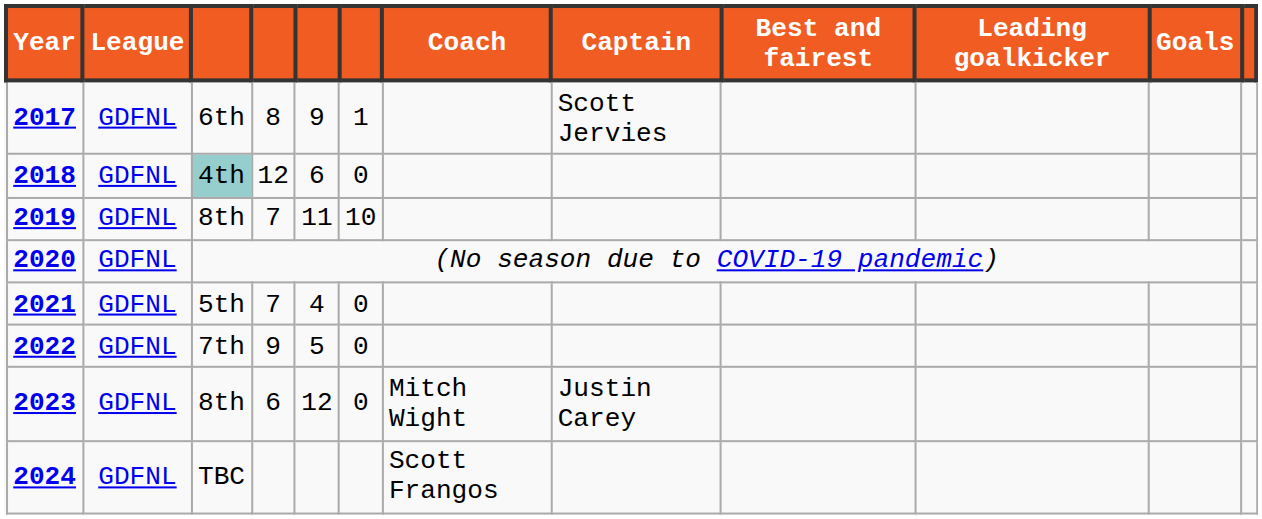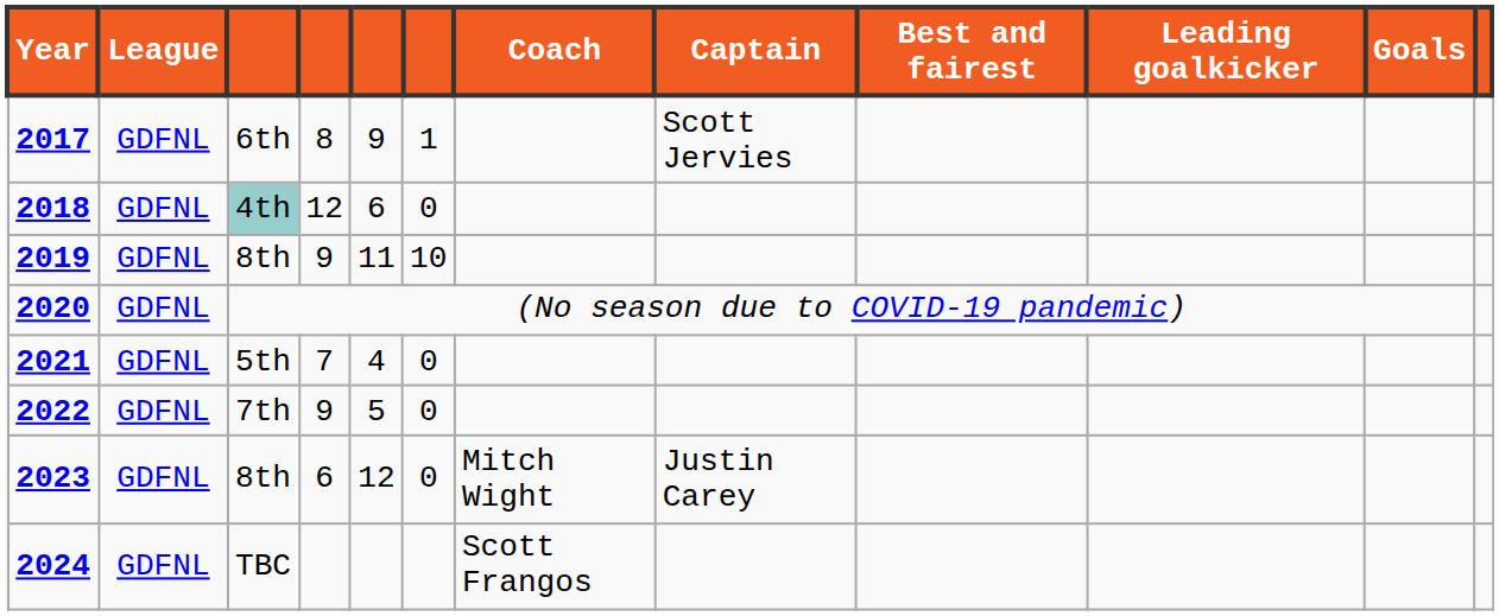 <table class="wikitable"; style="width:100%;">
 <tr>
 <th style="background:#F15C22; color:#FFFFFF; border:solid #343433 2px">Year</th>
 <th style="background:#F15C22; color:#FFFFFF; border:solid #343433 2px">League</th>
 <th style="background:#F15C22; color:#FFFFFF; border:solid #343433 2px"></th>
 <th style="background:#F15C22; color:#FFFFFF; border:solid #343433 2px"></th>
 <th style="background:#F15C22; color:#FFFFFF; border:solid #343433 2px"></th>
 <th style="background:#F15C22; color:#FFFFFF; border:solid #343433 2px"></th>
 <th style="background:#F15C22; color:#FFFFFF; border:solid #343433 2px">Coach</th>
 <th style="background:#F15C22; color:#FFFFFF; border:solid #343433 2px">Captain</th>
 <th style="background:#F15C22; color:#FFFFFF; border:solid #343433 2px">Best and fairest</th>
 <th style="background:#F15C22; color:#FFFFFF; border:solid #343433 2px">Leading goalkicker</th>
 <th style="background:#F15C22; color:#FFFFFF; border:solid #343433 2px">Goals</th>
 <th style="background:#F15C22; color:#FFFFFF; border:solid #343433 2px"></th>
 </tr>
 <tr>
 <td align="center"><strong><a href='#'>2017</a></strong></td>
 <td align="center"><a href='#'>GDFNL</a></td>
 <td align="center">6th</td>
 <td align="center">8</td>
 <td align="center">9</td>
 <td align="center">1</td>
 <td></td>
 <td>Scott Jervies</td>
 <td></td>
 <td></td>
 <td align="center"></td>
 <td align="center"></td>
 </tr>
 <tr>
 <td align="center"><strong><a href='#'>2018</a></strong></td>
 <td align="center"><a href='#'>GDFNL</a></td>
 <td style=background:#96CDCD; align="center">4th</td>
 <td align="center">12</td>
 <td align="center">6</td>
 <td align="center">0</td>
 <td></td>
 <td></td>
 <td></td>
 <td></td>
 <td align="center"></td>
 <td align="center"></td>
 </tr>
 <tr>
 <td align="center"><strong><a href='#'>2019</a></strong></td>
 <td align="center"><a href='#'>GDFNL</a></td>
 <td align="center">8th</td>
-<td align="center">7</td>
+<td align="center">9</td>
 <td align="center">11</td>
 <td align="center">10</td>
 <td></td>
 <td></td>
 <td></td>
 <td></td>
 <td align="center"></td>
 <td align="center"></td>
 </tr>
 <tr>
 <td align="center"><strong><a href='#'>2020</a></strong></td>
 <td align="center"><a href='#'>GDFNL</a></td>
 <td colspan="9"; align="center"><em>(No season due to <a href='#'>COVID-19 pandemic</a>)</em></td>
 <td align="center"></td>
 </tr>
 <tr>
 <td align="center"><strong><a href='#'>2021</a></strong></td>
 <td align="center"><a href='#'>GDFNL</a></td>
 <td align="center">5th</td>
 <td align="center">7</td>
 <td align="center">4</td>
 <td align="center">0</td>
 <td></td>
 <td></td>
 <td></td>
 <td></td>
 <td align="center"></td>
 <td align="center"></td>
 </tr>
 <tr>
 <td align="center"><strong><a href='#'>2022</a></strong></td>
 <td align="center"><a href='#'>GDFNL</a></td>
 <td align="center">7th</td>
 <td align="center">9</td>
 <td align="center">5</td>
 <td align="center">0</td>
 <td></td>
 <td></td>
 <td></td>
 <td></td>
 <td align="center"></td>
 <td align="center"></td>
 </tr>
 <tr>
 <td align="center"><strong><a href='#'>2023</a></strong></td>
 <td align="center"><a href='#'>GDFNL</a></td>
 <td align="center">8th</td>
 <td align="center">6</td>
 <td align="center">12</td>
 <td align="center">0</td>
 <td>Mitch Wight</td>
 <td>Justin Carey</td>
 <td></td>
 <td></td>
 <td align="center"></td>
 <td align="center"></td>
 </tr>
 <tr>
 <td align="center"><strong><a href='#'>2024</a></strong></td>
 <td align="center"><a href='#'>GDFNL</a></td>
 <td align="center">TBC</td>
 <td align="center"></td>
 <td align="center"></td>
 <td align="center"></td>
 <td>Scott Frangos</td>
 <td></td>
 <td></td>
 <td></td>
 <td align="center"></td>
 <td align="center"></td>
 </tr>
 </table>
